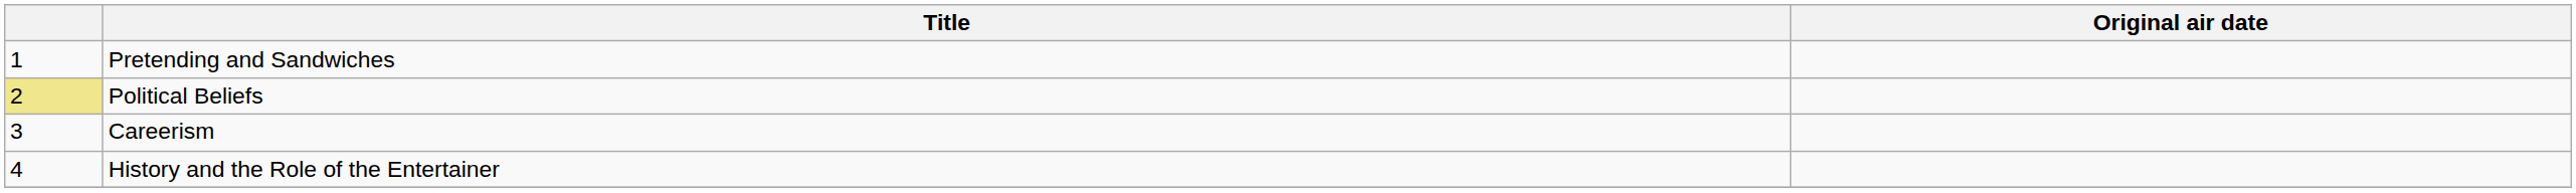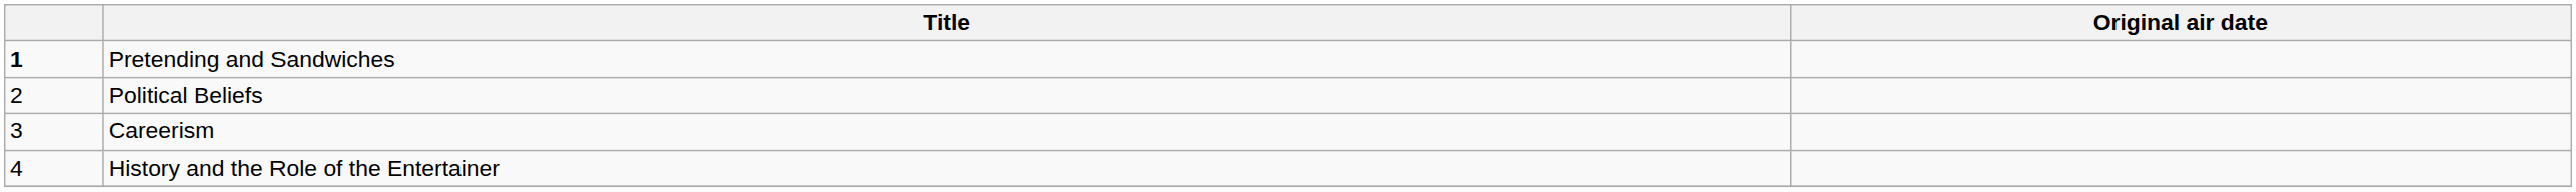 <table class="wikitable sortable" style="width:90%;">
 <tr>
 <th></th>
 <th>Title</th>
 <th>Original air date</th>
 </tr>
 <tr>
-<td>1</td>
+<td><strong>1</strong></td>
 <td>Pretending and Sandwiches</td>
 <td></td>
 </tr>
 <tr>
-<td style="background: khaki;">2</td>
+<td>2</td>
 <td>Political Beliefs</td>
 <td></td>
 </tr>
 <tr>
 <td>3</td>
 <td>Careerism</td>
 <td></td>
 </tr>
 <tr>
 <td>4</td>
 <td>History and the Role of the Entertainer</td>
 <td></td>
 </tr>
 <tr>
 </tr>
 </table>
